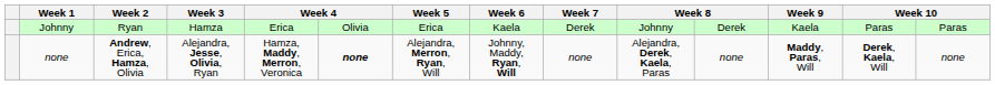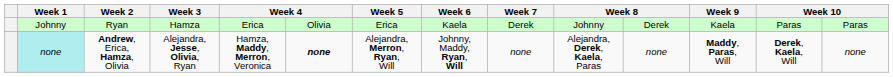 <table class="wikitable" style="width:100%; text-align:center; font-size:85%; line-height:13px;">
 <tr>
 <th style="width:1%"></th>
 <th width="5%;">Week 1 </th>
 <th width="5%;">Week 2</th>
 <th width="5%;">Week 3</th>
 <th colspan="2" width="10%;">Week 4 </th>
 <th width="5%;">Week 5</th>
 <th width="5%;">Week 6</th>
 <th width="5%;">Week 7 </th>
 <th colspan="2" width="10%;">Week 8 </th>
 <th width="5%;">Week 9</th>
 <th colspan="2" width="10%;">Week 10</th>
 </tr>
 <tr>
 <th></th>
 <td style="background:#cfc">Johnny</td>
 <td style="background:#cfc">Ryan</td>
 <td style="background:#cfc">Hamza</td>
 <td width="5%;" style="background:#cfc">Erica</td>
 <td width="5%;" style="background:#cfc">Olivia</td>
 <td style="background:#cfc">Erica</td>
 <td style="background:#cfc">Kaela</td>
 <td style="background:#cfc">Derek</td>
 <td width="5%;" style="background:#cfc">Johnny</td>
 <td width="5%;" style="background:#cfc">Derek</td>
 <td style="background:#cfc">Kaela</td>
 <td width="5%;" style="background:#cfc">Paras</td>
 <td width="5%;" style="background:#cfc">Paras</td>
 </tr>
 <tr>
 <th></th>
-<td><em>none</em></td>
+<td style="background: paleturquoise;"><em>none</em></td>
 <td><strong>Andrew</strong>,<br>Erica,<br><strong>Hamza</strong>,<br>Olivia</td>
 <td>Alejandra,<br><strong>Jesse</strong>,<br><strong>Olivia</strong>,<br>Ryan</td>
 <td>Hamza,<br><strong>Maddy</strong>,<br><strong>Merron</strong>,<br>Veronica</td>
 <td><strong><em>none</em></strong></td>
 <td>Alejandra,<br><strong>Merron</strong>,<br><strong>Ryan</strong>,<br>Will</td>
 <td>Johnny,<br>Maddy,<br><strong>Ryan</strong>,<br><strong>Will</strong></td>
 <td><em>none</em></td>
 <td>Alejandra,<br><strong>Derek</strong>,<br><strong>Kaela</strong>,<br>Paras</td>
 <td><em>none</em></td>
 <td><strong>Maddy</strong>,<br><strong>Paras</strong>,<br>Will</td>
 <td><strong>Derek</strong>, <br><strong>Kaela</strong>, <br> Will</td>
 <td><em>none</em></td>
 </tr>
 </table>
